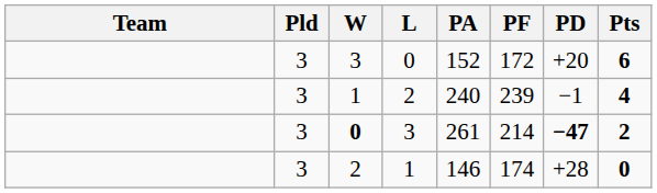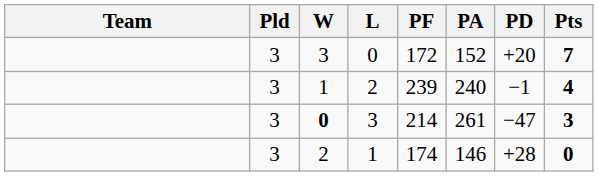 <table class=wikitable style="text-align:center">
 <tr>
 <th width=180>Team</th>
 <th width=30>Pld</th>
 <th width=30>W</th>
 <th width=30>L</th>
+<th width=30>PF</th>
 <th width=30>PA</th>
-<th width=30>PF</th>
 <th width=30>PD</th>
 <th width=30>Pts</th>
 </tr>
 <tr>
 <td align="left"></td>
 <td>3</td>
 <td>3</td>
 <td>0</td>
+<td>172</td>
 <td>152</td>
-<td>172</td>
 <td>+20</td>
-<td><strong>6</strong></td>
+<td><strong>7</strong></td>
 </tr>
 <tr>
 <td align="left"></td>
 <td>3</td>
 <td>1</td>
 <td>2</td>
+<td>239</td>
 <td>240</td>
-<td>239</td>
 <td>−1</td>
 <td><strong>4</strong></td>
 </tr>
 <tr>
 <td align="left"></td>
 <td>3</td>
 <td><strong>0</strong></td>
 <td>3</td>
+<td>214</td>
 <td>261</td>
-<td>214</td>
-<td><strong>−47</strong></td>
-<td><strong>2</strong></td>
+<td>−47</td>
+<td><strong>3</strong></td>
 </tr>
 <tr>
 <td align="left"></td>
 <td>3</td>
 <td>2</td>
 <td>1</td>
+<td>174</td>
 <td>146</td>
-<td>174</td>
 <td>+28</td>
 <td><strong>0</strong></td>
 </tr>
 </table>
